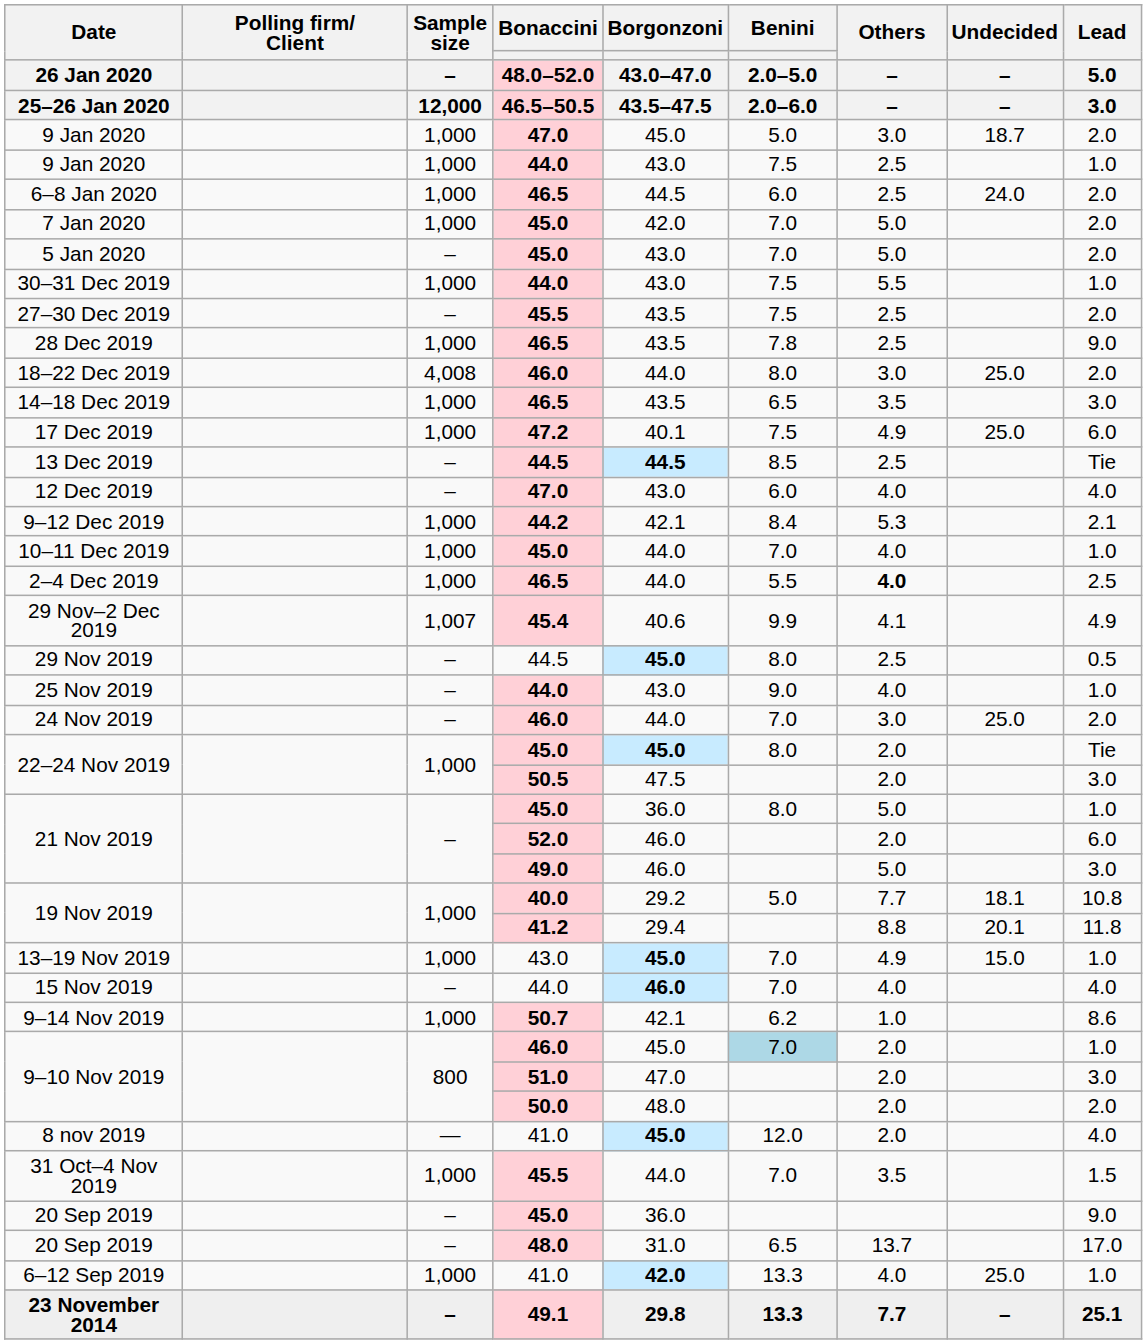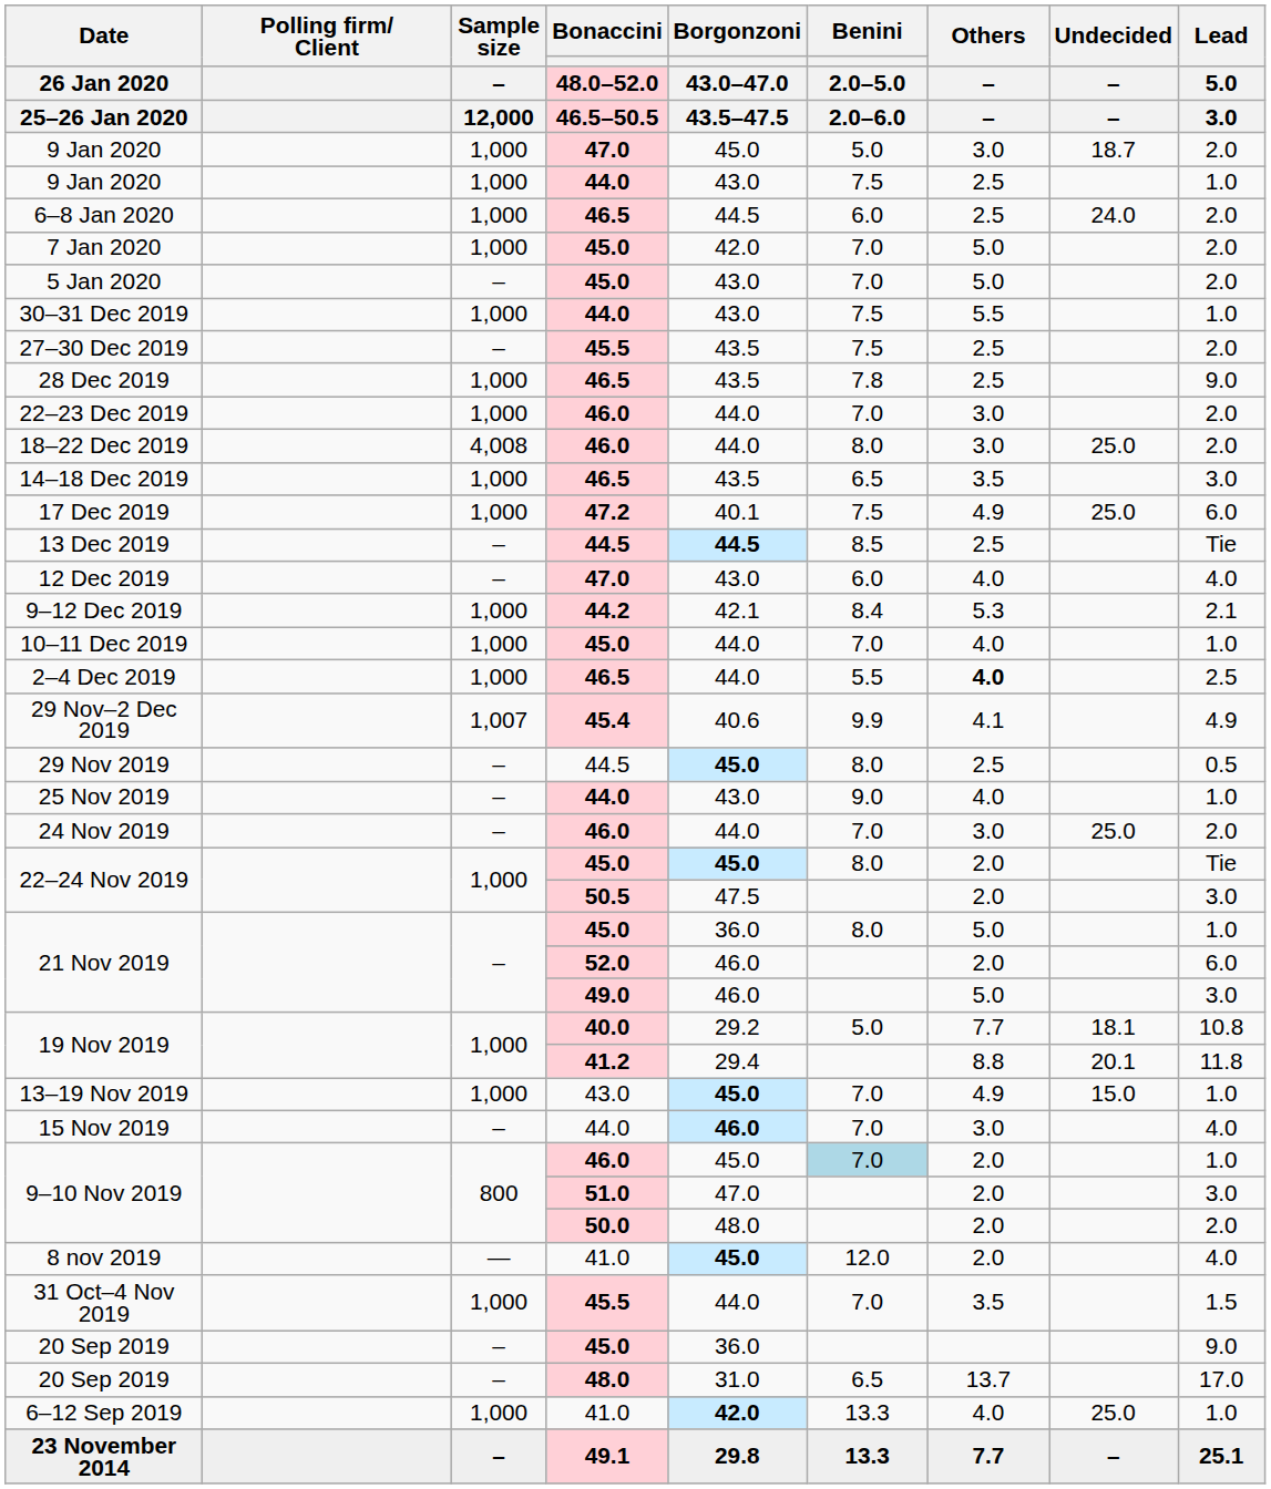 <table class="wikitable collapsible collapsed" style="text-align:center;font-size:85%;line-height:13px">
 <tr style="height:30px; background-color:#E9E9E9">
 <th style="width:110px;" rowspan="2">Date</th>
 <th style="width:140px;" rowspan="2">Polling firm/<br>Client</th>
 <th style="width:50px;" rowspan="2">Sample size</th>
 <th style="width:65px;">Bonaccini</th>
 <th style="width:65px;">Borgonzoni</th>
 <th style="width:65px;">Benini</th>
 <th style="width:65px;" rowspan="2">Others</th>
 <th style="width:65px;" rowspan="2">Undecided</th>
 <th style="width:45px;" rowspan="2">Lead</th>
 </tr>
 <tr>
 <th style="background:"></th>
 <th style="background:"></th>
 <th style="background:"></th>
 </tr>
 <tr>
 <th>26 Jan 2020</th>
 <th></th>
 <th>–</th>
 <th style="background:#FFD0D7"><strong>48.0–52.0</strong></th>
 <th>43.0–47.0</th>
 <th>2.0–5.0</th>
 <th>–</th>
 <th>–</th>
 <th style="background:">5.0</th>
 </tr>
 <tr>
 <th>25–26 Jan 2020</th>
 <th></th>
 <th>12,000</th>
 <th style="background:#FFD0D7"><strong>46.5–50.5</strong></th>
 <th>43.5–47.5</th>
 <th>2.0–6.0</th>
 <th>–</th>
 <th>–</th>
 <th style="background:">3.0</th>
 </tr>
 <tr>
 <td>9 Jan 2020</td>
 <td></td>
 <td>1,000</td>
 <td style="background:#FFD0D7"><strong>47.0</strong></td>
 <td>45.0</td>
 <td>5.0</td>
 <td>3.0</td>
 <td>18.7</td>
 <td style="background:">2.0</td>
 </tr>
 <tr>
 <td>9 Jan 2020</td>
 <td></td>
 <td>1,000</td>
 <td style="background:#FFD0D7"><strong>44.0</strong></td>
 <td>43.0</td>
 <td>7.5</td>
 <td>2.5</td>
 <td></td>
 <td style="background:">1.0</td>
 </tr>
 <tr>
 <td>6–8 Jan 2020</td>
 <td></td>
 <td>1,000</td>
 <td style="background:#FFD0D7"><strong>46.5</strong></td>
 <td>44.5</td>
 <td>6.0</td>
 <td>2.5</td>
 <td>24.0</td>
 <td style="background:">2.0</td>
 </tr>
 <tr>
 <td>7 Jan 2020</td>
 <td></td>
 <td>1,000</td>
 <td style="background:#FFD0D7"><strong>45.0</strong></td>
 <td>42.0</td>
 <td>7.0</td>
 <td>5.0</td>
 <td></td>
 <td style="background:">2.0</td>
 </tr>
 <tr>
 <td>5 Jan 2020</td>
 <td> </td>
 <td>–</td>
 <td style="background:#FFD0D7"><strong>45.0</strong></td>
 <td>43.0</td>
 <td>7.0</td>
 <td>5.0</td>
 <td></td>
 <td style="background:">2.0</td>
 </tr>
 <tr>
 <td>30–31 Dec 2019</td>
 <td></td>
 <td>1,000</td>
 <td style="background:#FFD0D7"><strong>44.0</strong></td>
 <td>43.0</td>
 <td>7.5</td>
 <td>5.5</td>
 <td></td>
 <td style="background:">1.0</td>
 </tr>
 <tr>
 <td>27–30 Dec 2019</td>
 <td></td>
 <td>–</td>
 <td style="background:#FFD0D7"><strong>45.5</strong></td>
 <td>43.5</td>
 <td>7.5</td>
 <td>2.5</td>
 <td></td>
 <td style="background:">2.0</td>
 </tr>
 <tr>
 <td>28 Dec 2019</td>
 <td></td>
 <td>1,000</td>
 <td style="background:#FFD0D7"><strong>46.5</strong></td>
 <td>43.5</td>
 <td>7.8</td>
 <td>2.5</td>
 <td></td>
 <td style="background:">9.0</td>
+</tr>
+<tr>
+<td>22–23 Dec 2019</td>
+<td></td>
+<td>1,000</td>
+<td style="background:#FFD0D7"><strong>46.0</strong></td>
+<td>44.0</td>
+<td>7.0</td>
+<td>3.0</td>
+<td></td>
+<td style="background:">2.0</td>
 </tr>
 <tr>
 <td>18–22 Dec 2019</td>
 <td></td>
 <td>4,008</td>
 <td style="background:#FFD0D7"><strong>46.0</strong></td>
 <td>44.0</td>
 <td>8.0</td>
 <td>3.0</td>
 <td>25.0</td>
 <td style="background:">2.0</td>
 </tr>
 <tr>
 <td>14–18 Dec 2019</td>
 <td></td>
 <td>1,000</td>
 <td style="background:#FFD0D7"><strong>46.5</strong></td>
 <td>43.5</td>
 <td>6.5</td>
 <td>3.5</td>
 <td></td>
 <td style="background:">3.0</td>
 </tr>
 <tr>
 <td>17 Dec 2019</td>
 <td></td>
 <td>1,000</td>
 <td style="background:#FFD0D7"><strong>47.2</strong></td>
 <td>40.1</td>
 <td>7.5</td>
 <td>4.9</td>
 <td>25.0</td>
 <td style="background:">6.0</td>
 </tr>
 <tr>
 <td>13 Dec 2019</td>
 <td> </td>
 <td>–</td>
 <td style="background:#FFD0D7"><strong>44.5</strong></td>
 <td style="background:#C8EBFF"><strong>44.5</strong></td>
 <td>8.5</td>
 <td>2.5</td>
 <td></td>
 <td>Tie</td>
 </tr>
 <tr>
 <td>12 Dec 2019</td>
 <td></td>
 <td>–</td>
 <td style="background:#FFD0D7"><strong>47.0</strong></td>
 <td>43.0</td>
 <td>6.0</td>
 <td>4.0</td>
 <td></td>
 <td style="background:">4.0</td>
 </tr>
 <tr>
 <td>9–12 Dec 2019</td>
 <td></td>
 <td>1,000</td>
 <td style="background:#FFD0D7"><strong>44.2</strong></td>
 <td>42.1</td>
 <td>8.4</td>
 <td>5.3</td>
 <td></td>
 <td style="background:">2.1</td>
 </tr>
 <tr>
 <td>10–11 Dec 2019</td>
 <td></td>
 <td>1,000</td>
 <td style="background:#FFD0D7"><strong>45.0</strong></td>
 <td>44.0</td>
 <td>7.0</td>
 <td>4.0</td>
 <td></td>
 <td style="background:">1.0</td>
 </tr>
 <tr>
 <td>2–4 Dec 2019</td>
 <td></td>
 <td>1,000</td>
 <td style="background:#FFD0D7"><strong>46.5</strong></td>
 <td>44.0</td>
 <td>5.5</td>
 <td><strong>4.0</strong></td>
 <td></td>
 <td style="background:">2.5</td>
 </tr>
 <tr>
 <td>29 Nov–2 Dec 2019</td>
 <td></td>
 <td>1,007</td>
 <td style="background:#FFD0D7"><strong>45.4</strong></td>
 <td>40.6</td>
 <td>9.9</td>
 <td>4.1</td>
 <td></td>
 <td style="background:">4.9</td>
 </tr>
 <tr>
 <td>29 Nov 2019</td>
 <td></td>
 <td>–</td>
 <td>44.5</td>
 <td style="background:#C8EBFF"><strong>45.0</strong></td>
 <td>8.0</td>
 <td>2.5</td>
 <td></td>
 <td style="background:">0.5</td>
 </tr>
 <tr>
 <td>25 Nov 2019</td>
 <td></td>
 <td>–</td>
 <td style="background:#FFD0D7"><strong>44.0</strong></td>
 <td>43.0</td>
 <td>9.0</td>
 <td>4.0</td>
 <td></td>
 <td style="background:">1.0</td>
 </tr>
 <tr>
 <td>24 Nov 2019</td>
 <td></td>
 <td>–</td>
 <td style="background:#FFD0D7"><strong>46.0</strong></td>
 <td>44.0</td>
 <td>7.0</td>
 <td>3.0</td>
 <td>25.0</td>
 <td style="background:">2.0</td>
 </tr>
 <tr>
 <td rowspan="2">22–24 Nov 2019</td>
 <td rowspan="2"></td>
 <td rowspan="2">1,000</td>
 <td style="background:#FFD0D7"><strong>45.0</strong></td>
 <td style="background:#C8EBFF"><strong>45.0</strong></td>
 <td>8.0</td>
 <td>2.0</td>
 <td></td>
 <td>Tie</td>
 </tr>
 <tr>
 <td style="background:#FFD0D7"><strong>50.5</strong></td>
 <td>47.5</td>
 <td></td>
 <td>2.0</td>
 <td></td>
 <td style="background:">3.0</td>
 </tr>
 <tr>
 <td rowspan="3">21 Nov 2019</td>
 <td rowspan="3"></td>
 <td rowspan="3">–</td>
 <td style="background:#FFD0D7"><strong>45.0</strong></td>
 <td>36.0</td>
 <td>8.0</td>
 <td>5.0</td>
 <td></td>
 <td style="background:">1.0</td>
 </tr>
 <tr>
 <td style="background:#FFD0D7"><strong>52.0</strong></td>
 <td>46.0</td>
 <td></td>
 <td>2.0</td>
 <td></td>
 <td style="background:">6.0</td>
 </tr>
 <tr>
 <td style="background:#FFD0D7"><strong>49.0</strong></td>
 <td>46.0</td>
 <td></td>
 <td>5.0</td>
 <td></td>
 <td style="background:">3.0</td>
 </tr>
 <tr>
 <td rowspan="2">19 Nov 2019</td>
 <td rowspan="2"></td>
 <td rowspan="2">1,000</td>
 <td style="background:#FFD0D7"><strong>40.0</strong></td>
 <td>29.2</td>
 <td>5.0</td>
 <td>7.7</td>
 <td>18.1</td>
 <td style="background:">10.8</td>
 </tr>
 <tr>
 <td style="background:#FFD0D7"><strong>41.2</strong></td>
 <td>29.4</td>
 <td></td>
 <td>8.8</td>
 <td>20.1</td>
 <td style="background:">11.8</td>
 </tr>
 <tr>
 <td>13–19 Nov 2019</td>
 <td></td>
 <td>1,000</td>
 <td>43.0</td>
 <td style="background:#C8EBFF"><strong>45.0</strong></td>
 <td>7.0</td>
 <td>4.9</td>
 <td>15.0</td>
 <td style="background:">1.0</td>
 </tr>
 <tr>
 <td>15 Nov 2019</td>
 <td></td>
 <td>–</td>
 <td>44.0</td>
 <td style="background:#C8EBFF"><strong>46.0</strong></td>
 <td>7.0</td>
-<td>4.0</td>
+<td>3.0</td>
 <td></td>
 <td style="background:">4.0</td>
-</tr>
-<tr>
-<td>9–14 Nov 2019</td>
-<td></td>
-<td>1,000</td>
-<td style="background:#FFD0D7"><strong>50.7</strong></td>
-<td>42.1</td>
-<td>6.2</td>
-<td>1.0</td>
-<td></td>
-<td style="background:">8.6</td>
 </tr>
 <tr>
 <td rowspan="3">9–10 Nov 2019</td>
 <td rowspan="3"></td>
 <td rowspan="3">800</td>
 <td style="background:#FFD0D7"><strong>46.0</strong></td>
 <td>45.0</td>
 <td style="background: lightblue;">7.0</td>
 <td>2.0</td>
 <td></td>
 <td style="background:">1.0</td>
 </tr>
 <tr>
 <td style="background:#FFD0D7"><strong>51.0</strong></td>
 <td>47.0</td>
 <td></td>
 <td>2.0</td>
 <td></td>
 <td style="background:">3.0</td>
 </tr>
 <tr>
 <td style="background:#FFD0D7"><strong>50.0</strong></td>
 <td>48.0</td>
 <td></td>
 <td>2.0</td>
 <td></td>
 <td style="background:">2.0</td>
 </tr>
 <tr>
 <td>8 nov 2019</td>
 <td></td>
 <td>—</td>
 <td>41.0</td>
 <td style="background:#C8EBFF"><strong>45.0</strong></td>
 <td>12.0</td>
 <td>2.0</td>
 <td></td>
 <td style="background:">4.0</td>
 </tr>
 <tr>
 <td>31 Oct–4 Nov 2019</td>
 <td></td>
 <td>1,000</td>
 <td style="background:#FFD0D7"><strong>45.5</strong></td>
 <td>44.0</td>
 <td>7.0</td>
 <td>3.5</td>
 <td></td>
 <td style="background:">1.5</td>
 </tr>
 <tr>
 <td>20 Sep 2019</td>
 <td></td>
 <td>–</td>
 <td style="background:#FFD0D7"><strong>45.0</strong></td>
 <td>36.0</td>
 <td></td>
 <td></td>
 <td></td>
 <td style="background:">9.0</td>
 </tr>
 <tr>
 <td>20 Sep 2019</td>
 <td></td>
 <td>–</td>
 <td style="background:#FFD0D7"><strong>48.0</strong></td>
 <td>31.0</td>
 <td>6.5</td>
 <td>13.7</td>
 <td></td>
 <td style="background:">17.0</td>
 </tr>
 <tr>
 <td>6–12 Sep 2019</td>
 <td></td>
 <td>1,000</td>
 <td>41.0</td>
 <td style="background:#C8EBFF"><strong>42.0</strong></td>
 <td>13.3</td>
 <td>4.0</td>
 <td>25.0</td>
 <td style="background:">1.0</td>
 </tr>
 <tr style="background:#EFEFEF; font-weight:bold;">
 <td>23 November 2014</td>
 <td></td>
 <td>–</td>
 <td style="background:#FFD0D7"><strong>49.1</strong></td>
 <td>29.8</td>
 <td>13.3</td>
 <td>7.7</td>
 <td>–</td>
 <td style="background:">25.1</td>
 </tr>
 </table>
